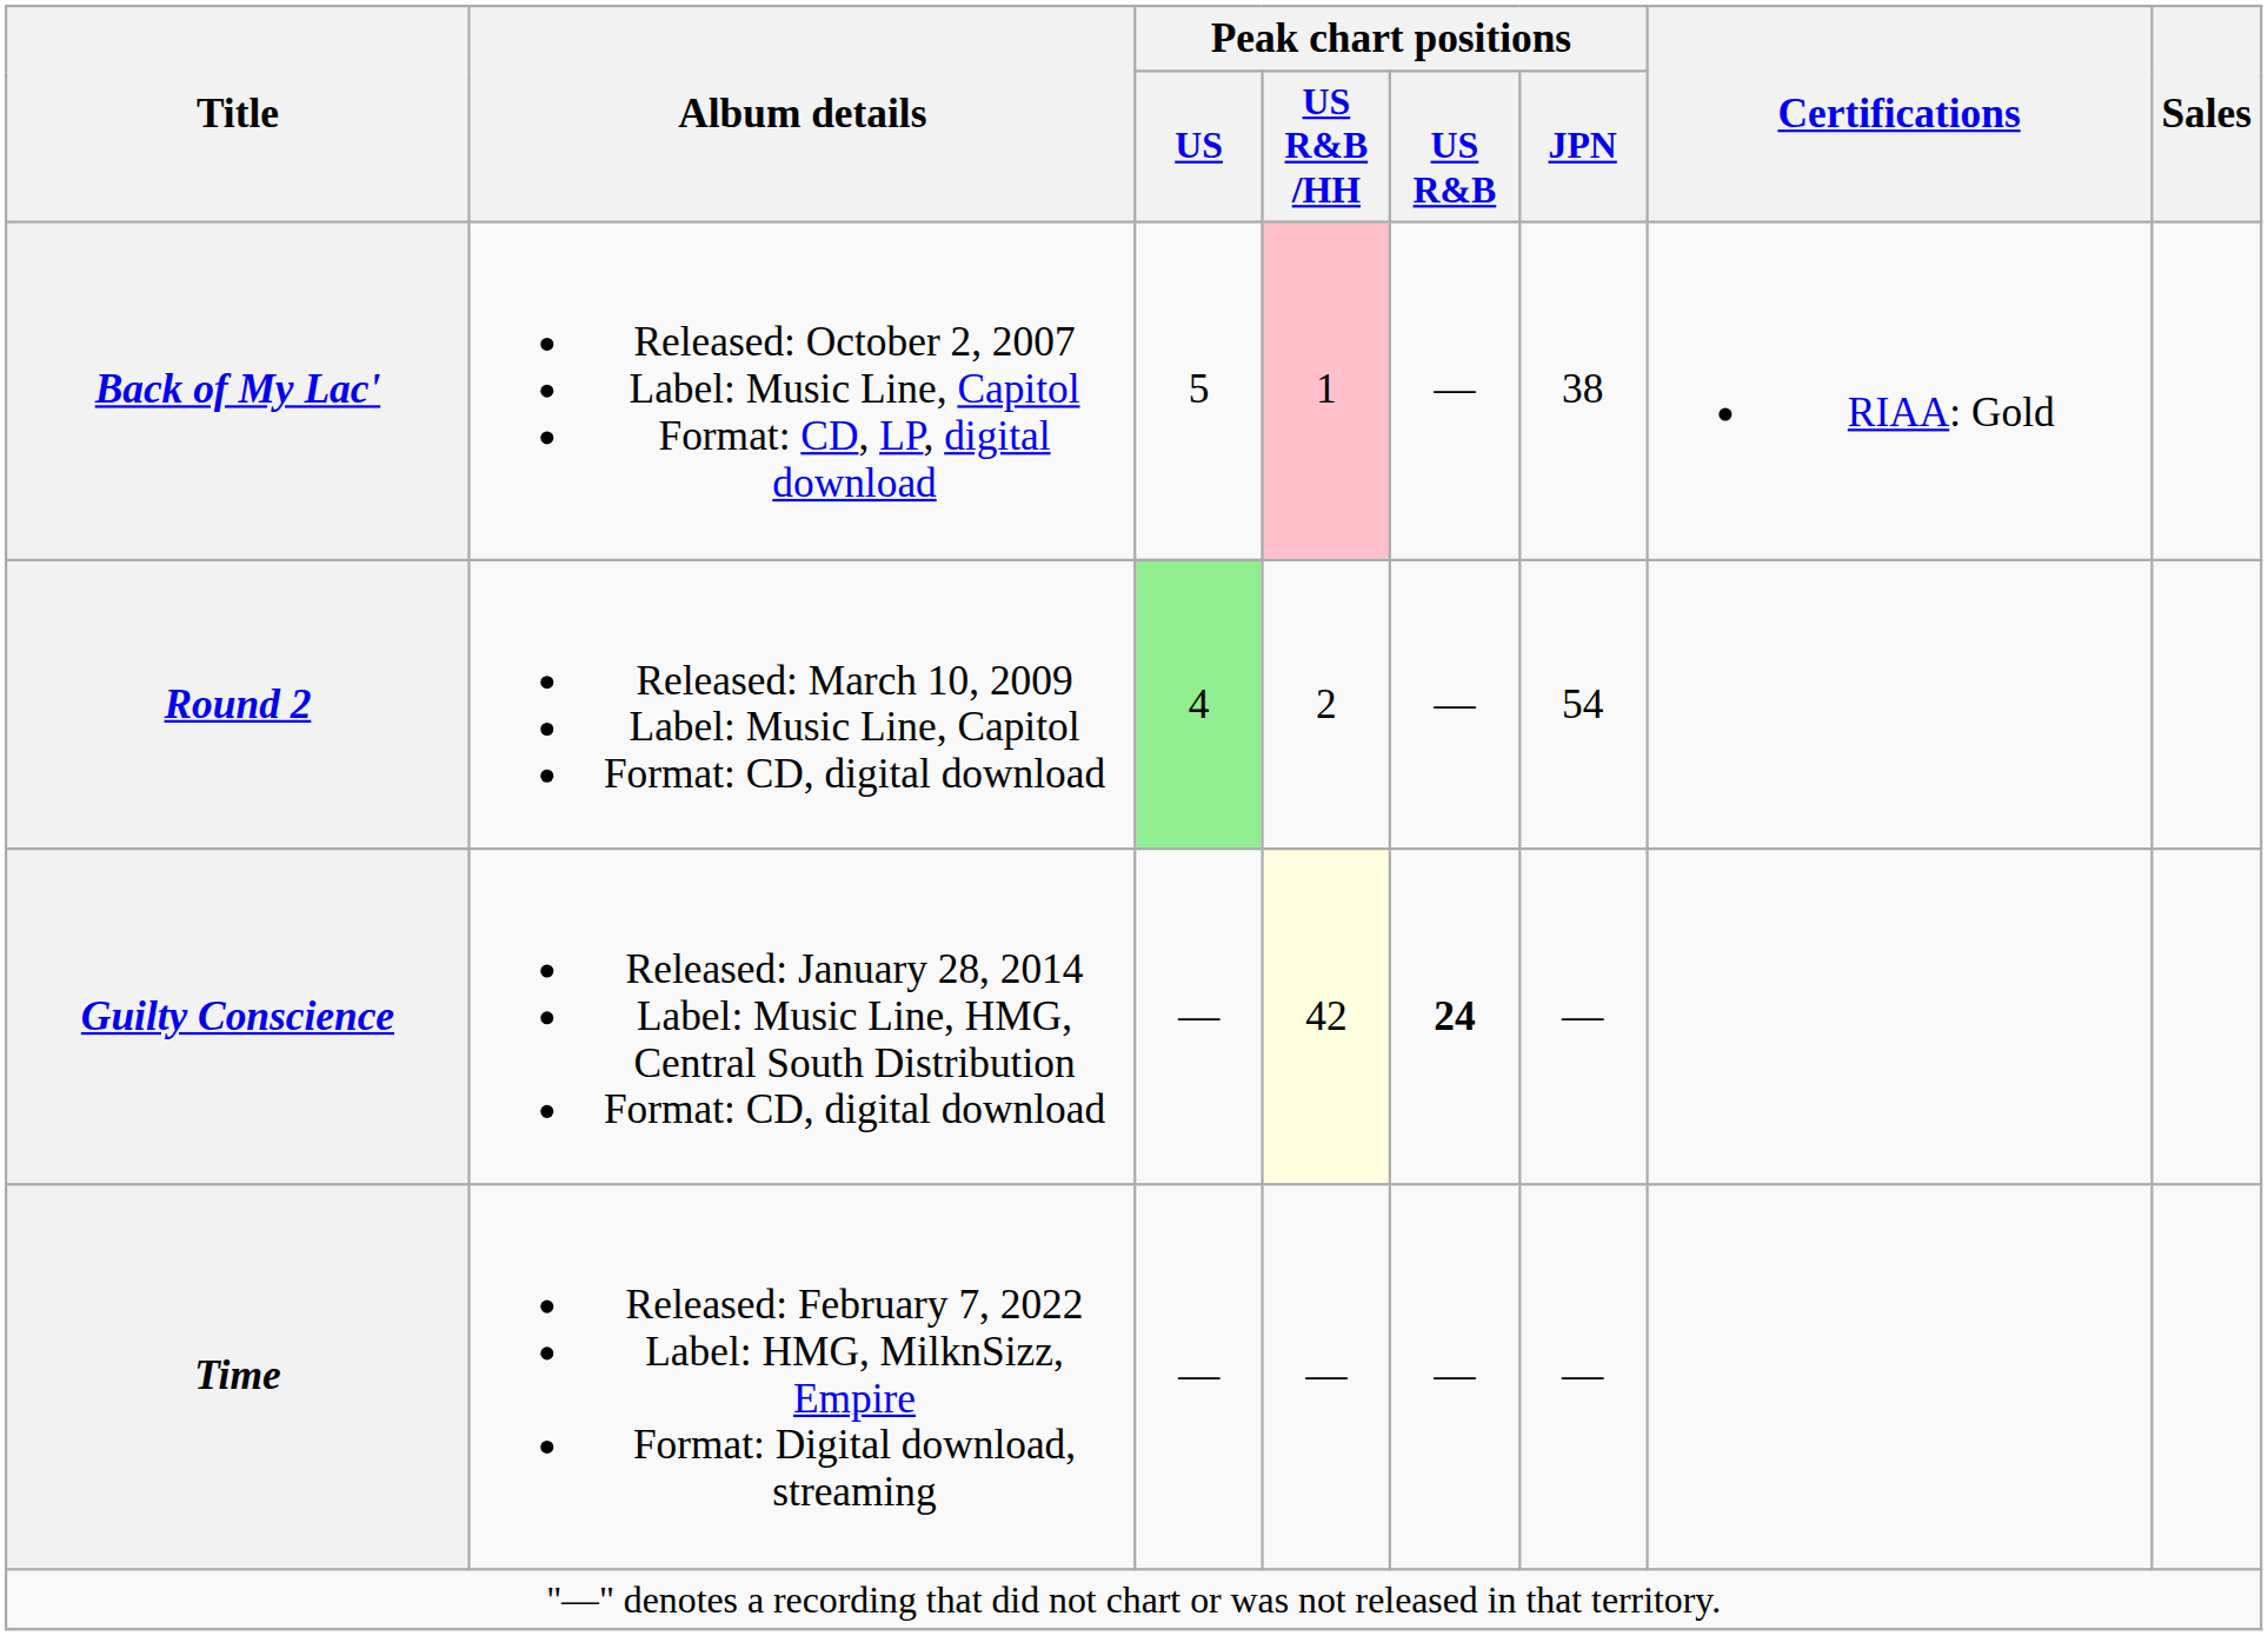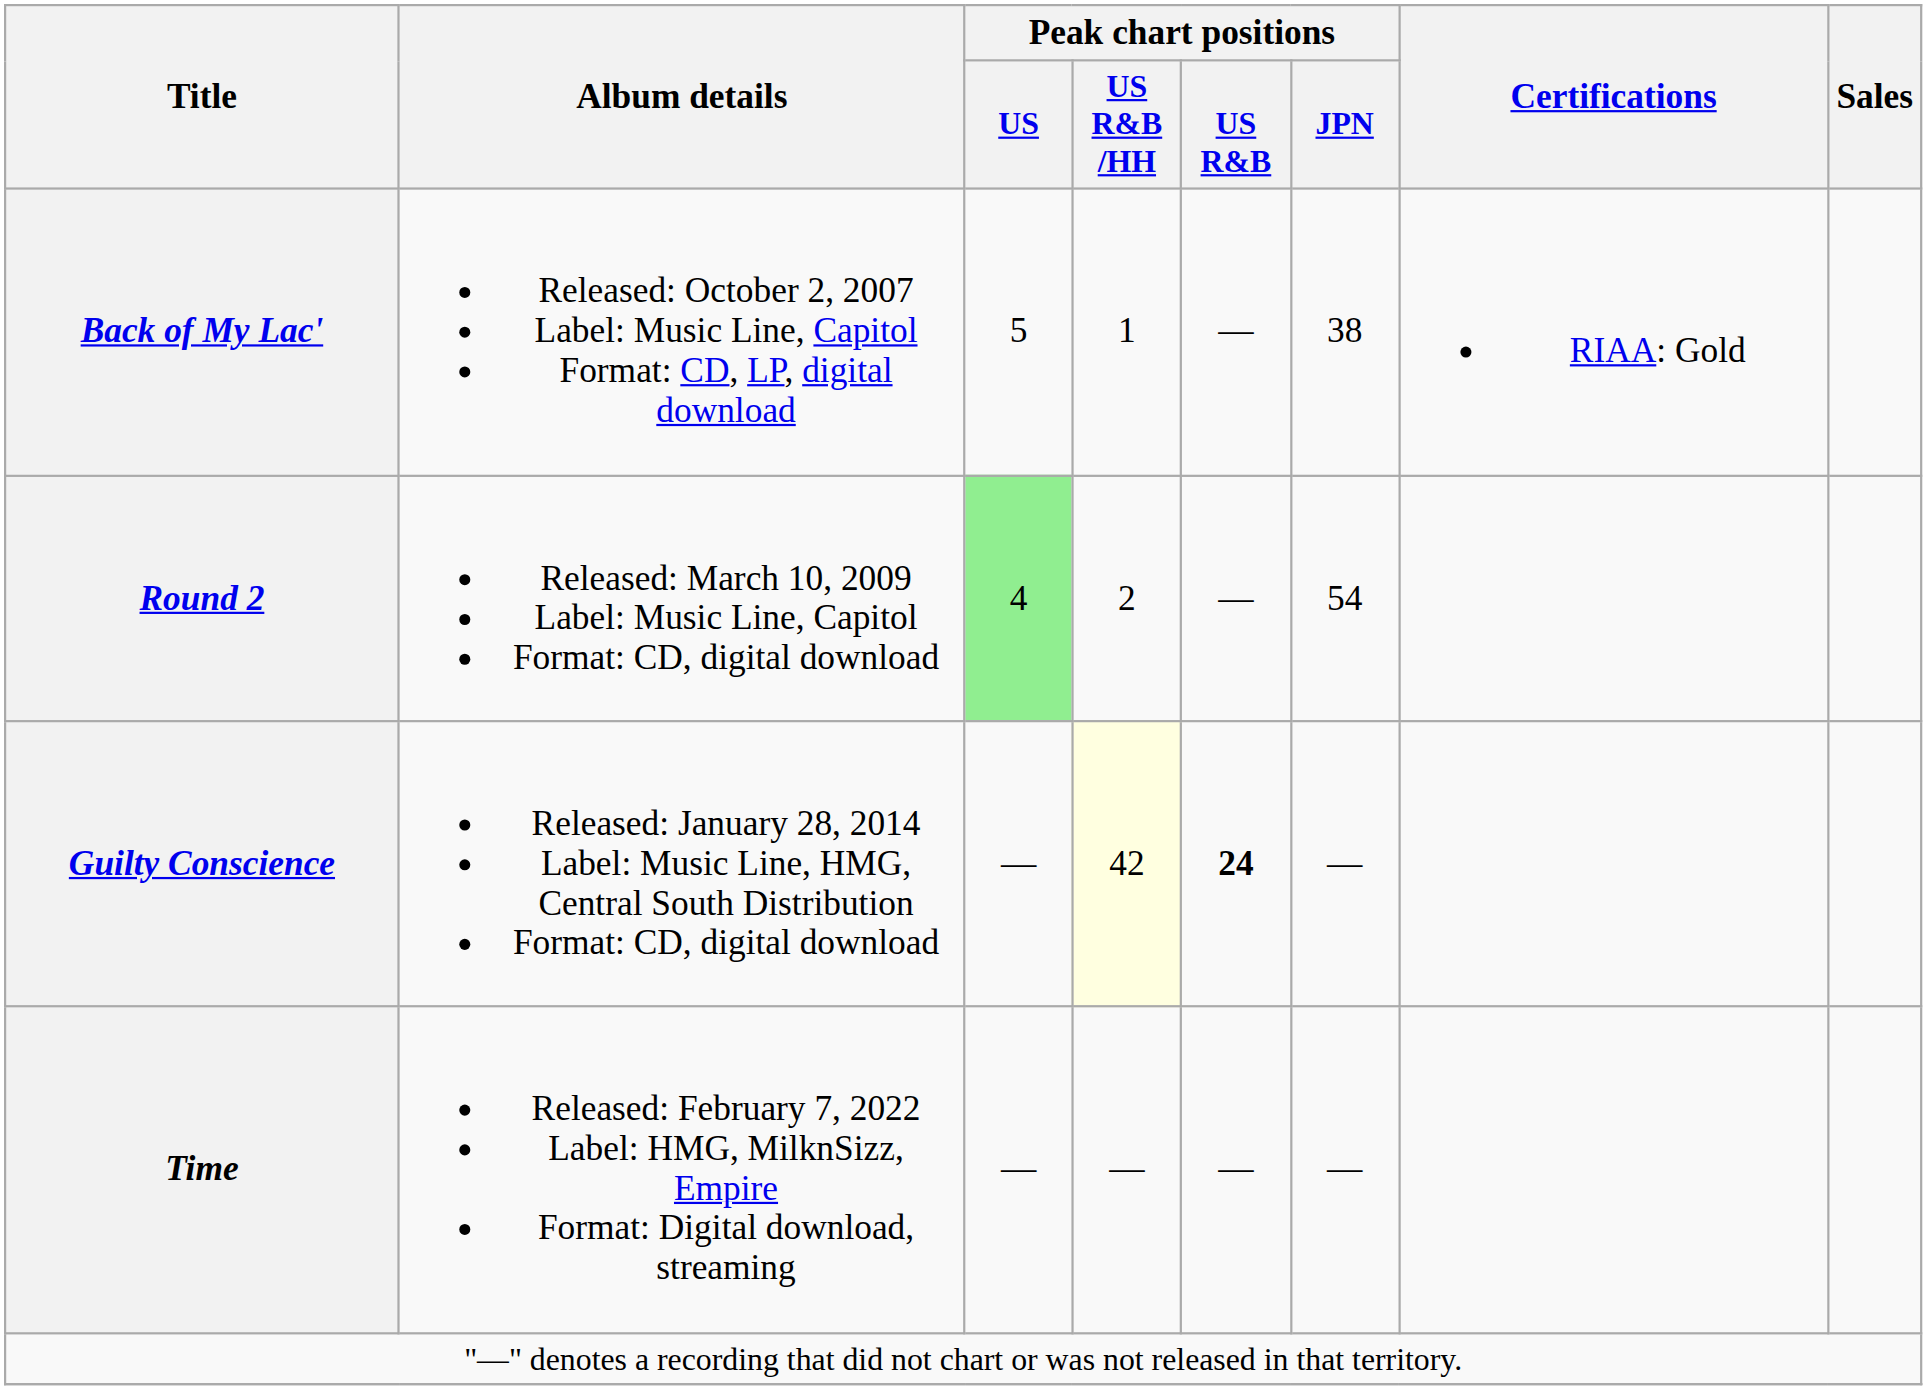 <table class="wikitable plainrowheaders" style="text-align:center;" border="1">
 <tr>
 <th scope="col" rowspan="2" style="width:11em;">Title</th>
 <th scope="col" rowspan="2" style="width:16em;">Album details</th>
 <th scope="col" colspan="4">Peak chart positions</th>
 <th scope="col" rowspan="2" style="width:12em;"><a href='#'>Certifications</a></th>
 <th scope="col" rowspan="2">Sales</th>
 </tr>
 <tr>
 <th style="width:3em;font-size:90%;"><a href='#'>US</a><br></th>
 <th style="width:3em;font-size:90%;"><a href='#'>US R&B<br>/HH</a><br></th>
 <th scope="col" style="width:3em;font-size:90%;"><br><a href='#'>US R&B</a><br></th>
 <th scope="col" style="width:3em;font-size:90%;"><a href='#'>JPN</a><br></th>
 </tr>
 <tr>
 <th scope="row"><em><a href='#'>Back of My Lac'</a></em></th>
 <td><br><ul><li>Released: October 2, 2007</li><li>Label: Music Line, <a href='#'>Capitol</a></li><li>Format: <a href='#'>CD</a>, <a href='#'>LP</a>, <a href='#'>digital download</a></li></ul></td>
 <td>5</td>
-<td style="background: pink;">1</td>
+<td>1</td>
 <td>—</td>
 <td>38</td>
 <td><br><ul><li><a href='#'>RIAA</a>: Gold</li></ul></td>
 <td></td>
 </tr>
 <tr>
 <th scope="row"><em><a href='#'>Round 2</a></em></th>
 <td><br><ul><li>Released: March 10, 2009</li><li>Label: Music Line, Capitol</li><li>Format: CD, digital download</li></ul></td>
 <td style="background: lightgreen;">4</td>
 <td>2</td>
 <td>—</td>
 <td>54</td>
 <td></td>
 <td></td>
 </tr>
 <tr>
 <th scope="row"><em><a href='#'>Guilty Conscience</a></em></th>
 <td><br><ul><li>Released: January 28, 2014</li><li>Label: Music Line, HMG, Central South Distribution</li><li>Format: CD, digital download</li></ul></td>
 <td>—</td>
 <td style="background: lightyellow;">42</td>
 <td><strong>24</strong></td>
 <td>—</td>
 <td></td>
 <td></td>
 </tr>
 <tr>
 <th scope="row"><em>Time</em></th>
 <td><br><ul><li>Released: February 7, 2022</li><li>Label: HMG, MilknSizz, <a href='#'>Empire</a></li><li>Format: Digital download, streaming</li></ul></td>
 <td>—</td>
 <td>—</td>
 <td>—</td>
 <td>—</td>
 <td></td>
 <td></td>
 </tr>
 <tr>
 <td colspan="15" style="font-size:90%">"—" denotes a recording that did not chart or was not released in that territory.</td>
 </tr>
 <tr>
 </tr>
 </table>
